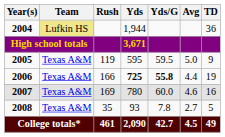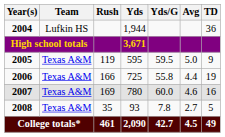 <table class="wikitable" style="text-align:center;">
 <tr>
 <th>Year(s)</th>
 <th>Team</th>
 <th>Rush</th>
 <th>Yds</th>
 <th>Yds/G</th>
 <th>Avg</th>
 <th>TD</th>
 </tr>
 <tr>
 <td><strong>2004</strong></td>
-<td style="background: khaki;">Lufkin HS</td>
+<td>Lufkin HS</td>
 <td></td>
 <td>1,944</td>
 <td></td>
 <td></td>
 <td>36</td>
 </tr>
 <tr style="background:purple;font-weight:bold;color:gold;">
 <td colspan=2>High school totals</td>
 <td></td>
 <td>3,671</td>
 <td></td>
 <td></td>
 <td></td>
 </tr>
 <tr style="background:#e3e3e;">
 <td><strong>2005</strong></td>
 <td><a href='#'>Texas A&M</a></td>
 <td>119</td>
 <td>595</td>
 <td>59.5</td>
 <td>5.0</td>
 <td>9</td>
 </tr>
 <tr>
 <td><strong>2006</strong></td>
 <td><a href='#'>Texas A&M</a></td>
 <td>166</td>
-<td><strong>725</strong></td>
-<td><strong>55.8</strong></td>
+<td>725</td>
+<td>55.8</td>
 <td>4.4</td>
 <td>19</td>
 </tr>
 <tr style="background:#e3e3e3;">
 <td><strong>2007</strong></td>
 <td><a href='#'>Texas A&M</a></td>
 <td>169</td>
 <td>780</td>
 <td>60.0</td>
 <td>4.6</td>
 <td>16</td>
 </tr>
 <tr>
 <td><strong>2008</strong></td>
 <td><a href='#'>Texas A&M</a></td>
 <td>35</td>
 <td>93</td>
 <td>7.8</td>
 <td>2.7</td>
 <td>5</td>
 </tr>
 <tr style="background:#500000;font-weight:bold;color:white;">
 <td colspan=2>College totals*</td>
 <td>461</td>
 <td>2,090</td>
 <td>42.7</td>
 <td>4.5</td>
 <td>49</td>
 </tr>
 </table>
